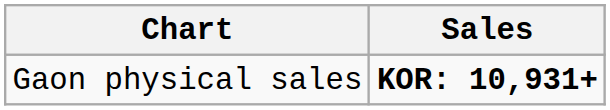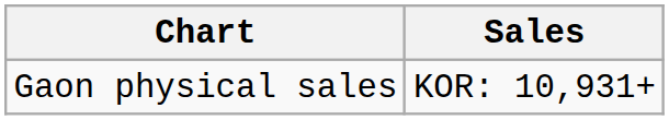 <table class="wikitable">
 <tr>
 <th>Chart</th>
 <th>Sales</th>
 </tr>
 <tr>
 <td>Gaon physical sales</td>
-<td align="center"><strong>KOR: 10,931+</strong></td>
+<td align="center">KOR: 10,931+</td>
 </tr>
 </table>
